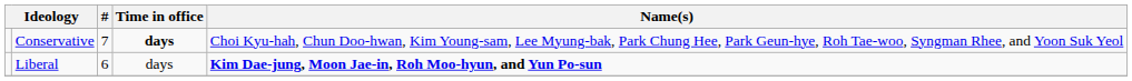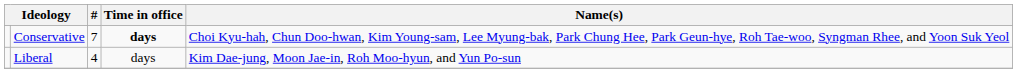 <table class=wikitable>
 <tr>
 <th colspan=2>Ideology</th>
 <th><abbr>#</abbr></th>
 <th>Time in office</th>
 <th>Name(s)</th>
 </tr>
 <tr>
 <td style="background-color:"></td>
 <td><a href='#'>Conservative</a></td>
 <td style="text-align: center;">7</td>
 <td style="text-align: center;"><strong> days</strong></td>
 <td><a href='#'>Choi Kyu-hah</a>, <a href='#'>Chun Doo-hwan</a>, <a href='#'>Kim Young-sam</a>, <a href='#'>Lee Myung-bak</a>, <a href='#'>Park Chung Hee</a>, <a href='#'>Park Geun-hye</a>, <a href='#'>Roh Tae-woo</a>, <a href='#'>Syngman Rhee</a>, and <a href='#'>Yoon Suk Yeol</a></td>
 </tr>
 <tr>
 <td style="background: "></td>
 <td><a href='#'>Liberal</a></td>
-<td style="text-align: center;">6</td>
+<td style="text-align: center;">4</td>
 <td style="text-align: center;"> days</td>
-<td><strong><a href='#'>Kim Dae-jung</a>, <a href='#'>Moon Jae-in</a>, <a href='#'>Roh Moo-hyun</a>, and <a href='#'>Yun Po-sun</a></strong></td>
+<td><a href='#'>Kim Dae-jung</a>, <a href='#'>Moon Jae-in</a>, <a href='#'>Roh Moo-hyun</a>, and <a href='#'>Yun Po-sun</a></td>
 </tr>
 <tr>
 </tr>
 </table>
